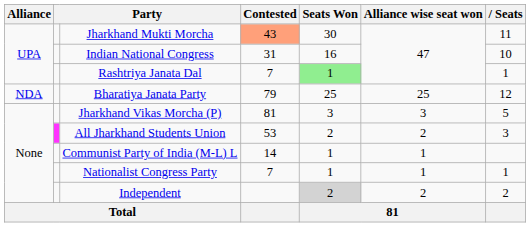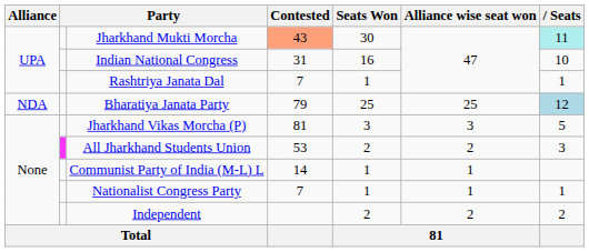 <table class="wikitable" style="text-align:center">
 <tr>
 <th>Alliance</th>
 <th colspan=2>Party</th>
 <th>Contested</th>
 <th>Seats Won</th>
 <th>Alliance wise seat won</th>
 <th>/ Seats</th>
 </tr>
 <tr>
 <td rowspan="3"><a href='#'>UPA</a></td>
 <td></td>
 <td><a href='#'>Jharkhand Mukti Morcha</a></td>
 <td style="background: lightsalmon;">43</td>
 <td>30</td>
 <td rowspan="3">47</td>
-<td> 11</td>
+<td style="background: paleturquoise;"> 11</td>
 </tr>
 <tr>
 <td></td>
 <td><a href='#'>Indian National Congress</a></td>
 <td>31</td>
 <td>16</td>
 <td> 10</td>
 </tr>
 <tr>
 <td></td>
 <td><a href='#'>Rashtriya Janata Dal</a></td>
 <td>7</td>
-<td style="background: lightgreen;">1</td>
+<td>1</td>
 <td> 1</td>
 </tr>
 <tr>
 <td><a href='#'>NDA</a></td>
 <td></td>
 <td><a href='#'>Bharatiya Janata Party</a></td>
 <td>79</td>
 <td>25</td>
 <td>25</td>
-<td> 12</td>
+<td style="background: lightblue;"> 12</td>
 </tr>
 <tr>
 <td rowspan="5">None</td>
 <td></td>
 <td><a href='#'>Jharkhand Vikas Morcha (P)</a></td>
 <td>81</td>
 <td>3</td>
 <td>3</td>
 <td> 5</td>
 </tr>
 <tr>
 <td bgcolor="#FF33FF"></td>
 <td><a href='#'>All Jharkhand Students Union</a></td>
 <td>53</td>
 <td>2</td>
 <td>2</td>
 <td> 3</td>
 </tr>
 <tr>
 <td></td>
 <td><a href='#'>Communist Party of India (M-L) L</a></td>
 <td>14</td>
 <td>1</td>
 <td>1</td>
 <td></td>
 </tr>
 <tr>
 <td></td>
 <td><a href='#'>Nationalist Congress Party</a></td>
 <td>7</td>
 <td>1</td>
 <td>1</td>
 <td> 1</td>
 </tr>
 <tr>
 <td></td>
 <td><a href='#'>Independent</a></td>
 <td></td>
-<td style="background: lightgrey;">2</td>
+<td>2</td>
 <td>2</td>
 <td> 2</td>
 </tr>
 <tr>
 <th colspan=3>Total</th>
 <th></th>
 <th colspan="2">81</th>
 <th></th>
 </tr>
 </table>
